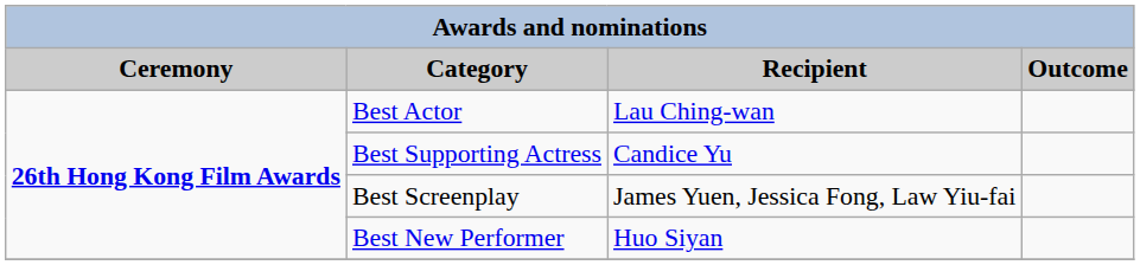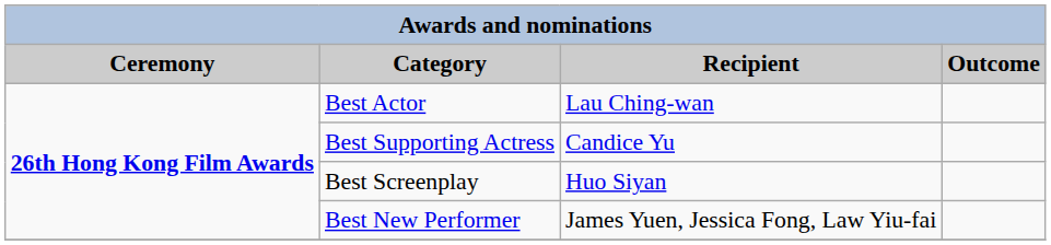 <table class="wikitable" style="font-size:95%;" ;>
 <tr style="background:#ccc; text-align:center;">
 <th colspan="4" style="background: LightSteelBlue;">Awards and nominations</th>
 </tr>
 <tr style="background:#ccc; text-align:center;">
 <th style="background:#ccc">Ceremony</th>
 <th style="background:#ccc">Category</th>
 <th style="background:#ccc">Recipient</th>
 <th style="background:#ccc">Outcome</th>
 </tr>
 <tr>
 <td rowspan=4><strong><a href='#'>26th Hong Kong Film Awards</a></strong></td>
 <td><a href='#'>Best Actor</a></td>
 <td><a href='#'>Lau Ching-wan</a></td>
 <td></td>
 </tr>
 <tr>
 <td><a href='#'>Best Supporting Actress</a></td>
 <td><a href='#'>Candice Yu</a></td>
 <td></td>
 </tr>
 <tr>
 <td>Best Screenplay</td>
-<td>James Yuen, Jessica Fong, Law Yiu-fai</td>
+<td><a href='#'>Huo Siyan</a></td>
 <td></td>
 </tr>
 <tr>
 <td><a href='#'>Best New Performer</a></td>
-<td><a href='#'>Huo Siyan</a></td>
+<td>James Yuen, Jessica Fong, Law Yiu-fai</td>
 <td></td>
 </tr>
 <tr>
 </tr>
 </table>
